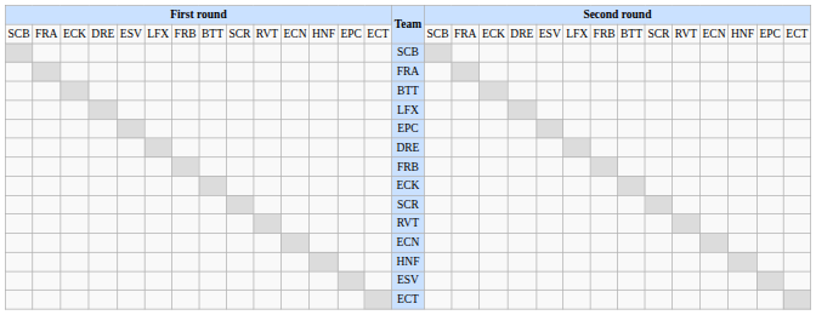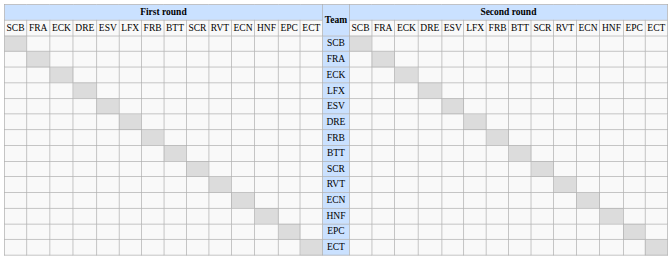 <table class="wikitable" style="text-align:center; font-size:90%;">
 <tr style="background:#CAE1FF;">
 <td colspan="14" style="width:300px"><strong>First round</strong></td>
 <td style="width:50px" rowspan=2><strong>Team</strong></td>
 <td colspan="14" style="width:300px"><strong>Second round</strong></td>
 </tr>
 <tr>
 <td class="explain" title="Bietigheim Steelers">SCB</td>
 <td class="explain" title="Löwen Frankfurt">FRA</td>
 <td class="explain" title="EC Kassel Huskies">ECK</td>
 <td class="explain" title="Dresdner Eislöwen">DRE</td>
 <td class="explain" title="ESV Kaufbeuren">ESV</td>
 <td class="explain" title="Lausitzer Füchse">LFX</td>
 <td class="explain" title="EHC Freiburg">FRB</td>
 <td class="explain" title="Bayreuth Tigers">BTT</td>
 <td class="explain" title="SC Riessersee">SCR</td>
 <td class="explain" title="Ravensburg Towerstars">RVT</td>
 <td class="explain" title="EC Bad Nauheim">ECN</td>
 <td class="explain" title="Heilbronner Falken">HNF</td>
 <td class="explain" title="Eispiraten Crimmitschau">EPC</td>
 <td class="explain" title="Tölzer Löwen">ECT</td>
 <td class="explain" title="Bietigheim Steelers">SCB</td>
 <td class="explain" title="Löwen Frankfurt">FRA</td>
 <td class="explain" title="EC Kassel Huskies">ECK</td>
 <td class="explain" title="Dresdner Eislöwen">DRE</td>
 <td class="explain" title="ESV Kaufbeuren">ESV</td>
 <td class="explain" title="Lausitzer Füchse">LFX</td>
 <td class="explain" title="EHC Freiburg">FRB</td>
 <td class="explain" title="Bayreuth Tigers">BTT</td>
 <td class="explain" title="SC Riessersee">SCR</td>
 <td class="explain" title="Ravensburg Towerstars">RVT</td>
 <td class="explain" title="EC Bad Nauheim">ECN</td>
 <td class="explain" title="Heilbronner Falken">HNF</td>
 <td class="explain" title="Eispiraten Crimmitschau">EPC</td>
 <td class="explain" title="Tölzer Löwen">ECT</td>
 </tr>
 <tr>
 <td style="background:#DCDCDC"></td>
 <td></td>
 <td></td>
 <td></td>
 <td></td>
 <td></td>
 <td></td>
 <td></td>
 <td></td>
 <td></td>
 <td></td>
 <td></td>
 <td></td>
 <td></td>
 <td style="background:#CAE1FF" class="explain" title="Bietigheim Steelers">SCB</td>
 <td style="background:#DCDCDC"></td>
 <td></td>
 <td></td>
 <td></td>
 <td></td>
 <td></td>
 <td></td>
 <td></td>
 <td></td>
 <td></td>
 <td></td>
 <td></td>
 <td></td>
 <td></td>
 </tr>
 <tr>
 <td></td>
 <td style="background:#DCDCDC"></td>
 <td></td>
 <td></td>
 <td></td>
 <td></td>
 <td></td>
 <td></td>
 <td></td>
 <td></td>
 <td></td>
 <td></td>
 <td></td>
 <td></td>
 <td style="background:#CAE1FF" class="explain" title="Löwen Frankfurt">FRA</td>
 <td></td>
 <td style="background:#DCDCDC"></td>
 <td></td>
 <td></td>
 <td></td>
 <td></td>
 <td></td>
 <td></td>
 <td></td>
 <td></td>
 <td></td>
 <td></td>
 <td></td>
 <td></td>
 </tr>
 <tr>
 <td></td>
 <td></td>
 <td style="background:#DCDCDC"></td>
 <td></td>
 <td></td>
 <td></td>
 <td></td>
 <td></td>
 <td></td>
 <td></td>
 <td></td>
 <td></td>
 <td></td>
 <td></td>
-<td style="background:#CAE1FF" class="explain" title="Bayreuth Tigers">BTT</td>
+<td style="background:#CAE1FF" class="explain" title="EC Kassel Huskies">ECK</td>
 <td></td>
 <td></td>
 <td style="background:#DCDCDC"></td>
 <td></td>
 <td></td>
 <td></td>
 <td></td>
 <td></td>
 <td></td>
 <td></td>
 <td></td>
 <td></td>
 <td></td>
 <td></td>
 </tr>
 <tr>
 <td></td>
 <td></td>
 <td></td>
 <td style="background:#DCDCDC"></td>
 <td></td>
 <td></td>
 <td></td>
 <td></td>
 <td></td>
 <td></td>
 <td></td>
 <td></td>
 <td></td>
 <td></td>
 <td style="background:#CAE1FF" class="explain" title="Lausitzer Füchse">LFX</td>
 <td></td>
 <td></td>
 <td></td>
 <td style="background:#DCDCDC"></td>
 <td></td>
 <td></td>
 <td></td>
 <td></td>
 <td></td>
 <td></td>
 <td></td>
 <td></td>
 <td></td>
 <td></td>
 </tr>
 <tr>
 <td></td>
 <td></td>
 <td></td>
 <td></td>
 <td style="background:#DCDCDC"></td>
 <td></td>
 <td></td>
 <td></td>
 <td></td>
 <td></td>
 <td></td>
 <td></td>
 <td></td>
 <td></td>
-<td style="background:#CAE1FF" class="explain" title="Eispiraten Crimmitschau">EPC</td>
+<td style="background:#CAE1FF" class="explain" title="ESV Kaufbeuren">ESV</td>
 <td></td>
 <td></td>
 <td></td>
 <td></td>
 <td style="background:#DCDCDC"></td>
 <td></td>
 <td></td>
 <td></td>
 <td></td>
 <td></td>
 <td></td>
 <td></td>
 <td></td>
 <td></td>
 </tr>
 <tr>
 <td></td>
 <td></td>
 <td></td>
 <td></td>
 <td></td>
 <td style="background:#DCDCDC"></td>
 <td></td>
 <td></td>
 <td></td>
 <td></td>
 <td></td>
 <td></td>
 <td></td>
 <td></td>
 <td style="background:#CAE1FF" class="explain" title="Dresdner Eislöwen">DRE</td>
 <td></td>
 <td></td>
 <td></td>
 <td></td>
 <td></td>
 <td style="background:#DCDCDC"></td>
 <td></td>
 <td></td>
 <td></td>
 <td></td>
 <td></td>
 <td></td>
 <td></td>
 <td></td>
 </tr>
 <tr>
 <td></td>
 <td></td>
 <td></td>
 <td></td>
 <td></td>
 <td></td>
 <td style="background:#DCDCDC"></td>
 <td></td>
 <td></td>
 <td></td>
 <td></td>
 <td></td>
 <td></td>
 <td></td>
 <td style="background:#CAE1FF" class="explain" title="EHC Freiburg">FRB</td>
 <td></td>
 <td></td>
 <td></td>
 <td></td>
 <td></td>
 <td></td>
 <td style="background:#DCDCDC"></td>
 <td></td>
 <td></td>
 <td></td>
 <td></td>
 <td></td>
 <td></td>
 <td></td>
 </tr>
 <tr>
 <td></td>
 <td></td>
 <td></td>
 <td></td>
 <td></td>
 <td></td>
 <td></td>
 <td style="background:#DCDCDC"></td>
 <td></td>
 <td></td>
 <td></td>
 <td></td>
 <td></td>
 <td></td>
-<td style="background:#CAE1FF" class="explain" title="EC Kassel Huskies">ECK</td>
+<td style="background:#CAE1FF" class="explain" title="Bayreuth Tigers">BTT</td>
 <td></td>
 <td></td>
 <td></td>
 <td></td>
 <td></td>
 <td></td>
 <td></td>
 <td style="background:#DCDCDC"></td>
 <td></td>
 <td></td>
 <td></td>
 <td></td>
 <td></td>
 <td></td>
 </tr>
 <tr>
 <td></td>
 <td></td>
 <td></td>
 <td></td>
 <td></td>
 <td></td>
 <td></td>
 <td></td>
 <td style="background:#DCDCDC"></td>
 <td></td>
 <td></td>
 <td></td>
 <td></td>
 <td></td>
 <td style="background:#CAE1FF" class="explain" title="SC Riessersee">SCR</td>
 <td></td>
 <td></td>
 <td></td>
 <td></td>
 <td></td>
 <td></td>
 <td></td>
 <td></td>
 <td style="background:#DCDCDC"></td>
 <td></td>
 <td></td>
 <td></td>
 <td></td>
 <td></td>
 </tr>
 <tr>
 <td></td>
 <td></td>
 <td></td>
 <td></td>
 <td></td>
 <td></td>
 <td></td>
 <td></td>
 <td></td>
 <td style="background:#DCDCDC"></td>
 <td></td>
 <td></td>
 <td></td>
 <td></td>
 <td style="background:#CAE1FF" class="explain" title="Ravensburg Towerstars">RVT</td>
 <td></td>
 <td></td>
 <td></td>
 <td></td>
 <td></td>
 <td></td>
 <td></td>
 <td></td>
 <td></td>
 <td style="background:#DCDCDC"></td>
 <td></td>
 <td></td>
 <td></td>
 <td></td>
 </tr>
 <tr>
 <td></td>
 <td></td>
 <td></td>
 <td></td>
 <td></td>
 <td></td>
 <td></td>
 <td></td>
 <td></td>
 <td></td>
 <td style="background:#DCDCDC"></td>
 <td></td>
 <td></td>
 <td></td>
 <td style="background:#CAE1FF" class="explain" title="EC Bad Nauheim">ECN</td>
 <td></td>
 <td></td>
 <td></td>
 <td></td>
 <td></td>
 <td></td>
 <td></td>
 <td></td>
 <td></td>
 <td></td>
 <td style="background:#DCDCDC"></td>
 <td></td>
 <td></td>
 <td></td>
 </tr>
 <tr>
 <td></td>
 <td></td>
 <td></td>
 <td></td>
 <td></td>
 <td></td>
 <td></td>
 <td></td>
 <td></td>
 <td></td>
 <td></td>
 <td style="background:#DCDCDC"></td>
 <td></td>
 <td></td>
 <td style="background:#CAE1FF" class="explain" title="Heilbronner Falken">HNF</td>
 <td></td>
 <td></td>
 <td></td>
 <td></td>
 <td></td>
 <td></td>
 <td></td>
 <td></td>
 <td></td>
 <td></td>
 <td></td>
 <td style="background:#DCDCDC"></td>
 <td></td>
 <td></td>
 </tr>
 <tr>
 <td></td>
 <td></td>
 <td></td>
 <td></td>
 <td></td>
 <td></td>
 <td></td>
 <td></td>
 <td></td>
 <td></td>
 <td></td>
 <td></td>
 <td style="background:#DCDCDC"></td>
 <td></td>
-<td style="background:#CAE1FF" class="explain" title="ESV Kaufbeuren">ESV</td>
+<td style="background:#CAE1FF" class="explain" title="Eispiraten Crimmitschau">EPC</td>
 <td></td>
 <td></td>
 <td></td>
 <td></td>
 <td></td>
 <td></td>
 <td></td>
 <td></td>
 <td></td>
 <td></td>
 <td></td>
 <td></td>
 <td style="background:#DCDCDC"></td>
 <td></td>
 </tr>
 <tr>
 <td></td>
 <td></td>
 <td></td>
 <td></td>
 <td></td>
 <td></td>
 <td></td>
 <td></td>
 <td></td>
 <td></td>
 <td></td>
 <td></td>
 <td></td>
 <td style="background:#DCDCDC"></td>
 <td style="background:#CAE1FF" class="explain" title="Tölzer Löwen">ECT</td>
 <td></td>
 <td></td>
 <td></td>
 <td></td>
 <td></td>
 <td></td>
 <td></td>
 <td></td>
 <td></td>
 <td></td>
 <td></td>
 <td></td>
 <td></td>
 <td style="background:#DCDCDC"></td>
 </tr>
 </table>
